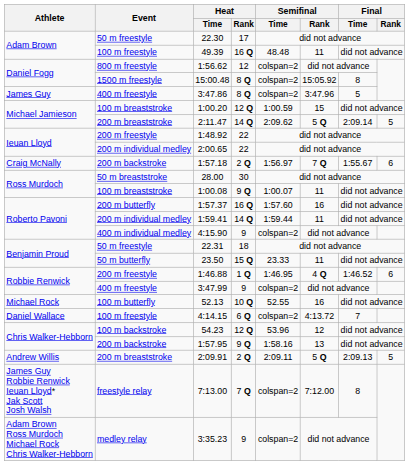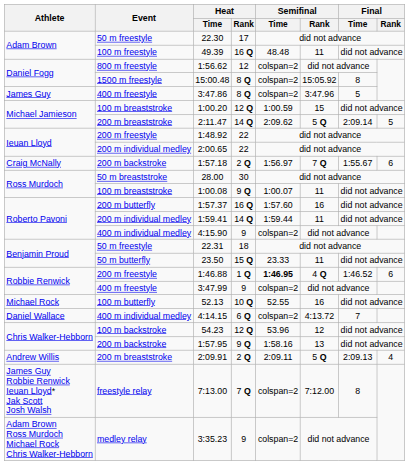 <table class=wikitable style="font-size:90%">
 <tr>
 <th rowspan="2">Athlete</th>
 <th rowspan="2">Event</th>
 <th colspan="2">Heat</th>
 <th colspan="2">Semifinal</th>
 <th colspan="2">Final</th>
 </tr>
 <tr style="font-size:95%">
 <th>Time</th>
 <th>Rank</th>
 <th>Time</th>
 <th>Rank</th>
 <th>Time</th>
 <th>Rank</th>
 </tr>
 <tr align=center>
 <td align=left rowspan=2><a href='#'>Adam Brown</a></td>
 <td align=left><a href='#'>50 m freestyle</a></td>
 <td>22.30</td>
 <td>17</td>
 <td colspan=4>did not advance</td>
 </tr>
 <tr align=center>
 <td align=left><a href='#'>100 m freestyle</a></td>
 <td>49.39</td>
 <td>16 <strong>Q</strong></td>
 <td>48.48</td>
 <td>11</td>
 <td colspan=2>did not advance</td>
 </tr>
 <tr align=center>
 <td align=left rowspan=2><a href='#'>Daniel Fogg</a></td>
 <td align=left><a href='#'>800 m freestyle</a></td>
 <td>1:56.62</td>
 <td>12</td>
 <td>colspan=2 </td>
 <td colspan=2>did not advance</td>
 </tr>
 <tr align=center>
 <td align=left><a href='#'>1500 m freestyle</a></td>
 <td>15:00.48</td>
 <td>8 <strong>Q</strong></td>
 <td>colspan=2 </td>
 <td>15:05.92</td>
 <td>8</td>
 </tr>
 <tr align=center>
 <td align=left><a href='#'>James Guy</a></td>
 <td align=left><a href='#'>400 m freestyle</a></td>
 <td>3:47.86</td>
 <td>8 <strong>Q</strong></td>
 <td>colspan=2 </td>
 <td>3:47.96</td>
 <td>5</td>
 </tr>
 <tr align=center>
 <td align=left rowspan=2><a href='#'>Michael Jamieson</a></td>
 <td align=left><a href='#'>100 m breaststroke</a></td>
 <td>1:00.20</td>
 <td>12 <strong>Q</strong></td>
 <td>1:00.59</td>
 <td>15</td>
 <td colspan=2>did not advance</td>
 </tr>
 <tr align=center>
 <td align=left><a href='#'>200 m breaststroke</a></td>
 <td>2:11.47</td>
 <td>14 <strong>Q</strong></td>
 <td>2:09.62</td>
 <td>5 <strong>Q</strong></td>
 <td>2:09.14</td>
 <td>5</td>
 </tr>
 <tr align=center>
 <td align=left rowspan=2><a href='#'>Ieuan Lloyd</a></td>
 <td align=left><a href='#'>200 m freestyle</a></td>
 <td>1:48.92</td>
 <td>22</td>
 <td colspan=4>did not advance</td>
 </tr>
 <tr align=center>
 <td align=left><a href='#'>200 m individual medley</a></td>
 <td>2:00.65</td>
 <td>22</td>
 <td colspan=4>did not advance</td>
 </tr>
 <tr align=center>
 <td align=left><a href='#'>Craig McNally</a></td>
 <td align=left><a href='#'>200 m backstroke</a></td>
 <td>1:57.18</td>
 <td>2 <strong>Q</strong></td>
 <td>1:56.97</td>
 <td>7 <strong>Q</strong></td>
 <td>1:55.67</td>
 <td>6</td>
 </tr>
 <tr align=center>
 <td align=left rowspan=2><a href='#'>Ross Murdoch</a></td>
 <td align=left><a href='#'>50 m breaststroke</a></td>
 <td>28.00</td>
 <td>30</td>
 <td colspan=4>did not advance</td>
 </tr>
 <tr align=center>
 <td align=left><a href='#'>100 m breaststroke</a></td>
 <td>1:00.08</td>
 <td>9 <strong>Q</strong></td>
 <td>1:00.07</td>
 <td>11</td>
 <td colspan=2>did not advance</td>
 </tr>
 <tr align=center>
 <td align=left rowspan=3><a href='#'>Roberto Pavoni</a></td>
 <td align=left><a href='#'>200 m butterfly</a></td>
 <td>1:57.37</td>
 <td>16 <strong>Q</strong></td>
 <td>1:57.60</td>
 <td>16</td>
 <td colspan=2>did not advance</td>
 </tr>
 <tr align=center>
 <td align=left><a href='#'>200 m individual medley</a></td>
 <td>1:59.41</td>
 <td>14 <strong>Q</strong></td>
 <td>1:59.44</td>
 <td>11</td>
 <td colspan=2>did not advance</td>
 </tr>
 <tr align=center>
 <td align=left><a href='#'>400 m individual medley</a></td>
 <td>4:15.90</td>
 <td>9</td>
 <td>colspan=2 </td>
 <td colspan=2>did not advance</td>
 </tr>
 <tr align=center>
 <td align=left rowspan=2><a href='#'>Benjamin Proud</a></td>
 <td align=left><a href='#'>50 m freestyle</a></td>
 <td>22.31</td>
 <td>18</td>
 <td colspan=4>did not advance</td>
 </tr>
 <tr align=center>
 <td align=left><a href='#'>50 m butterfly</a></td>
 <td>23.50</td>
 <td>15 <strong>Q</strong></td>
 <td>23.33</td>
 <td>11</td>
 <td colspan=2>did not advance</td>
 </tr>
 <tr align=center>
 <td align=left rowspan=2><a href='#'>Robbie Renwick</a></td>
 <td align=left><a href='#'>200 m freestyle</a></td>
 <td>1:46.88</td>
 <td>1 <strong>Q</strong></td>
-<td>1:46.95</td>
+<td><strong>1:46.95</strong></td>
 <td>4 <strong>Q</strong></td>
 <td>1:46.52</td>
 <td>6</td>
 </tr>
 <tr align=center>
 <td align=left><a href='#'>400 m freestyle</a></td>
 <td>3:47.99</td>
 <td>9</td>
 <td>colspan=2 </td>
 <td colspan=2>did not advance</td>
 </tr>
 <tr align=center>
 <td align=left><a href='#'>Michael Rock</a></td>
 <td align=left><a href='#'>100 m butterfly</a></td>
 <td>52.13</td>
 <td>10 <strong>Q</strong></td>
 <td>52.55</td>
 <td>16</td>
 <td colspan=2>did not advance</td>
 </tr>
 <tr align=center>
 <td align=left><a href='#'>Daniel Wallace</a></td>
-<td align=left><a href='#'>100 m freestyle</a></td>
+<td align=left><a href='#'>400 m individual medley</a></td>
 <td>4:14.15</td>
 <td>6 <strong>Q</strong></td>
 <td>colspan=2 </td>
 <td>4:13.72</td>
 <td>7</td>
 </tr>
 <tr align=center>
 <td align=left rowspan=2><a href='#'>Chris Walker-Hebborn</a></td>
 <td align=left><a href='#'>100 m backstroke</a></td>
 <td>54.23</td>
 <td>12 <strong>Q</strong></td>
 <td>53.96</td>
 <td>12</td>
 <td colspan=2>did not advance</td>
 </tr>
 <tr align=center>
 <td align=left><a href='#'>200 m backstroke</a></td>
 <td>1:57.95</td>
 <td>9 <strong>Q</strong></td>
 <td>1:58.16</td>
 <td>13</td>
 <td colspan=2>did not advance</td>
 </tr>
 <tr align=center>
 <td align=left><a href='#'>Andrew Willis</a></td>
 <td align=left><a href='#'>200 m breaststroke</a></td>
 <td>2:09.91</td>
 <td>2 <strong>Q</strong></td>
 <td>2:09.11</td>
 <td>5 <strong>Q</strong></td>
 <td>2:09.13</td>
-<td>5</td>
+<td>4</td>
 </tr>
 <tr align=center>
 <td align=left><a href='#'>James Guy</a><br><a href='#'>Robbie Renwick</a><br><a href='#'>Ieuan Lloyd</a>*<br><a href='#'>Jak Scott</a><br><a href='#'>Josh Walsh</a></td>
 <td align=left><a href='#'> freestyle relay</a></td>
 <td>7:13.00</td>
 <td>7 <strong>Q</strong></td>
 <td>colspan=2 </td>
 <td>7:12.00</td>
 <td>8</td>
 </tr>
 <tr align=center>
 <td align=left><a href='#'>Adam Brown</a><br><a href='#'>Ross Murdoch</a><br><a href='#'>Michael Rock</a><br><a href='#'>Chris Walker-Hebborn</a></td>
 <td align=left><a href='#'> medley relay</a></td>
 <td>3:35.23</td>
 <td>9</td>
 <td>colspan=2 </td>
 <td colspan=2>did not advance</td>
 </tr>
 </table>
